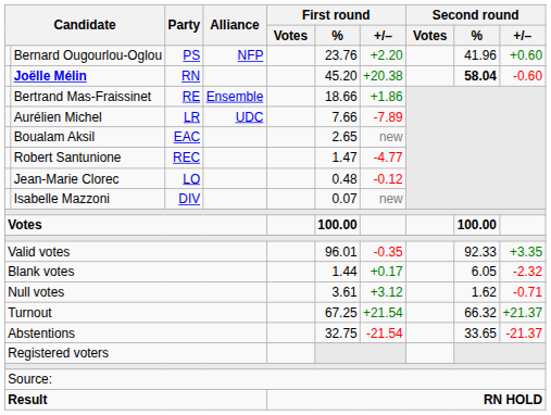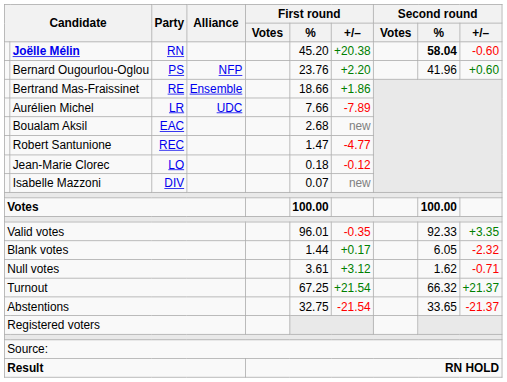 <table class="wikitable" style="text-align:right;font-size:95%;">
 <tr>
 <th rowspan="2" colspan="2">Candidate</th>
 <th colspan="1" rowspan="2">Party</th>
 <th colspan="1" rowspan="2">Alliance</th>
 <th colspan="3">First round</th>
 <th colspan="3">Second round</th>
 </tr>
 <tr>
 <th style="width:50px;">Votes</th>
 <th style="width:45px;">%</th>
 <th style="width:45px;">+/–</th>
 <th style="width:50px;">Votes</th>
 <th style="width:45px;">%</th>
 <th style="width:45px;">+/–</th>
 </tr>
 <tr>
 <td style="color:inherit;background:"></td>
+<td style="text-align:left;"><strong><a href='#'>Joëlle Mélin</a></strong></td>
+<td><a href='#'>RN</a></td>
+<td></td>
+<td></td>
+<td>45.20</td>
+<td style="color:green;">+20.38</td>
+<td><strong></strong></td>
+<td><strong>58.04</strong></td>
+<td style="color:red;">-0.60</td>
+</tr>
+<tr>
+<td style="color:inherit;background:"></td>
 <td style="text-align:left;">Bernard Ougourlou-Oglou</td>
 <td><a href='#'>PS</a></td>
 <td><a href='#'>NFP</a></td>
 <td></td>
 <td>23.76</td>
 <td style="color:green;">+2.20</td>
 <td></td>
 <td>41.96</td>
 <td style="color:green;">+0.60</td>
-</tr>
-<tr>
-<td style="color:inherit;background:"></td>
-<td style="text-align:left;"><strong><a href='#'>Joëlle Mélin</a></strong></td>
-<td><a href='#'>RN</a></td>
-<td></td>
-<td></td>
-<td>45.20</td>
-<td style="color:green;">+20.38</td>
-<td><strong></strong></td>
-<td><strong>58.04</strong></td>
-<td style="color:red;">-0.60</td>
 </tr>
 <tr>
 <td style="color:inherit;background:"></td>
 <td style="text-align:left;">Bertrand Mas-Fraissinet</td>
 <td><a href='#'>RE</a></td>
 <td><a href='#'>Ensemble</a></td>
 <td></td>
 <td>18.66</td>
 <td style="color:green;">+1.86</td>
 <td colspan="3" rowspan="6" style="background:#E9E9E9;"></td>
 </tr>
 <tr>
 <td style="color:inherit;background:"></td>
 <td style="text-align:left;">Aurélien Michel</td>
 <td><a href='#'>LR</a></td>
 <td><a href='#'>UDC</a></td>
 <td></td>
 <td>7.66</td>
 <td style="color:red;">-7.89</td>
 </tr>
 <tr>
 <td style="color:inherit;background:"></td>
 <td style="text-align:left;">Boualam Aksil</td>
 <td><a href='#'>EAC</a></td>
 <td></td>
 <td></td>
-<td>2.65</td>
+<td>2.68</td>
 <td style="color:grey;">new</td>
 </tr>
 <tr>
 <td style="color:inherit;background:"></td>
 <td style="text-align:left;">Robert Santunione</td>
 <td><a href='#'>REC</a></td>
 <td></td>
 <td></td>
 <td>1.47</td>
 <td style="color:red;">-4.77</td>
 </tr>
 <tr>
 <td style="color:inherit;background:"></td>
 <td style="text-align:left;">Jean-Marie Clorec</td>
 <td><a href='#'>LO</a></td>
 <td></td>
 <td></td>
-<td>0.48</td>
+<td>0.18</td>
 <td style="color:red;">-0.12</td>
 </tr>
 <tr>
 <td style="color:inherit;background:"></td>
 <td style="text-align:left;">Isabelle Mazzoni</td>
 <td><a href='#'>DIV</a></td>
 <td></td>
 <td></td>
 <td>0.07</td>
 <td style="color:grey;">new</td>
 </tr>
 <tr>
 <td colspan="10" style="background:#E9E9E9;"></td>
 </tr>
 <tr style="font-weight:bold;">
 <td colspan="4" style="text-align:left;">Votes</td>
 <td></td>
 <td>100.00</td>
 <td></td>
 <td></td>
 <td>100.00</td>
 <td></td>
 </tr>
 <tr>
 <td colspan="10" style="background:#E9E9E9;"></td>
 </tr>
 <tr>
 <td colspan="4" style="text-align:left;">Valid votes</td>
 <td></td>
 <td>96.01</td>
 <td style="color:red;">-0.35</td>
 <td></td>
 <td>92.33</td>
 <td style="color:green;">+3.35</td>
 </tr>
 <tr>
 <td colspan="4" style="text-align:left;">Blank votes</td>
 <td></td>
 <td>1.44</td>
 <td style="color:green;">+0.17</td>
 <td></td>
 <td>6.05</td>
 <td style="color:red;">-2.32</td>
 </tr>
 <tr>
 <td colspan="4" style="text-align:left;">Null votes</td>
 <td></td>
 <td>3.61</td>
 <td style="color:green;">+3.12</td>
 <td></td>
 <td>1.62</td>
 <td style="color:red;">-0.71</td>
 </tr>
 <tr>
 <td colspan="4" style="text-align:left;">Turnout</td>
 <td></td>
 <td>67.25</td>
 <td style="color:green;">+21.54</td>
 <td></td>
 <td>66.32</td>
 <td style="color:green;">+21.37</td>
 </tr>
 <tr>
 <td colspan="4" style="text-align:left;">Abstentions</td>
 <td></td>
 <td>32.75</td>
 <td style="color:red;">-21.54</td>
 <td></td>
 <td>33.65</td>
 <td style="color:red;">-21.37</td>
 </tr>
 <tr>
 <td colspan="4" style="text-align:left;">Registered voters</td>
 <td></td>
 <td colspan="2" style="background:#E9E9E9;"></td>
 <td></td>
 <td colspan="2" style="background:#E9E9E9;"></td>
 </tr>
 <tr>
 <td colspan="10" style="background:#E9E9E9;"></td>
 </tr>
 <tr>
 <td colspan="10" style="text-align:left;">Source: </td>
 </tr>
 <tr style="font-weight:bold">
 <td colspan="4" style="text-align:left;">Result</td>
 <td colspan="6" style="background-color:">RN HOLD</td>
 </tr>
 </table>
